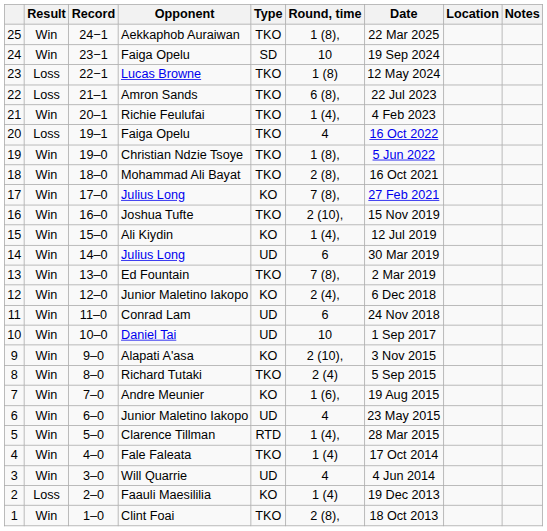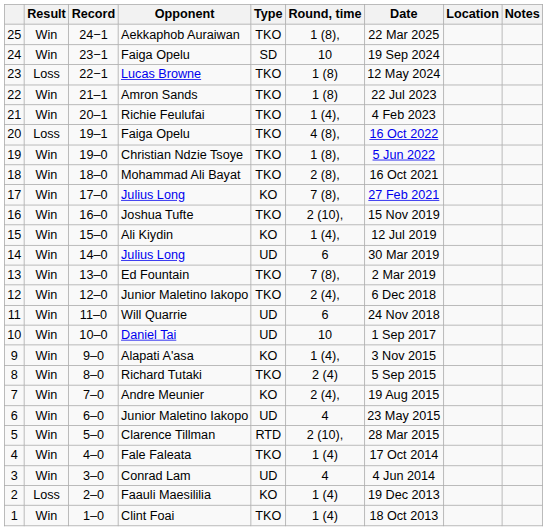 <table class="wikitable" style="text-align:center">
 <tr>
 <th></th>
 <th>Result</th>
 <th>Record</th>
 <th>Opponent</th>
 <th>Type</th>
 <th>Round, time</th>
 <th>Date</th>
 <th>Location</th>
 <th>Notes</th>
 </tr>
 <tr>
 <td>25</td>
 <td>Win</td>
 <td>24−1</td>
 <td style="text-align:left;">Aekkaphob Auraiwan</td>
 <td>TKO</td>
 <td>1 (8), </td>
 <td>22 Mar 2025</td>
 <td style="text-align:left;"></td>
 <td></td>
 </tr>
 <tr>
 <td>24</td>
 <td>Win</td>
 <td>23−1</td>
 <td style="text-align:left;">Faiga Opelu</td>
 <td>SD</td>
 <td>10</td>
 <td>19 Sep 2024</td>
 <td style="text-align:left;"></td>
 <td></td>
 </tr>
 <tr>
 <td>23</td>
 <td>Loss</td>
 <td>22−1</td>
 <td style="text-align:left;"><a href='#'>Lucas Browne</a></td>
 <td>TKO</td>
 <td>1 (8)</td>
 <td>12 May 2024</td>
 <td style="text-align:left;"></td>
 <td></td>
 </tr>
 <tr>
 <td>22</td>
-<td>Loss</td>
+<td>Win</td>
 <td>21–1</td>
 <td style="text-align:left;">Amron Sands</td>
 <td>TKO</td>
-<td>6 (8), </td>
+<td>1 (8)</td>
 <td>22 Jul 2023</td>
 <td style="text-align:left;"></td>
 <td></td>
 </tr>
 <tr>
 <td>21</td>
 <td>Win</td>
 <td>20–1</td>
 <td style="text-align:left;">Richie Feulufai</td>
 <td>TKO</td>
 <td>1 (4), </td>
 <td>4 Feb 2023</td>
 <td style="text-align:left;"></td>
 <td></td>
 </tr>
 <tr>
 <td>20</td>
 <td>Loss</td>
 <td>19–1</td>
 <td style="text-align:left;">Faiga Opelu</td>
 <td>TKO</td>
-<td>4</td>
+<td>4 (8), </td>
 <td><a href='#'>16 Oct 2022</a></td>
 <td style="text-align:left;"></td>
 <td></td>
 </tr>
 <tr>
 <td>19</td>
 <td>Win</td>
 <td>19–0</td>
 <td style="text-align:left;">Christian Ndzie Tsoye</td>
 <td>TKO</td>
 <td>1 (8), </td>
 <td><a href='#'>5 Jun 2022</a></td>
 <td style="text-align:left;"></td>
 <td></td>
 </tr>
 <tr>
 <td>18</td>
 <td>Win</td>
 <td>18–0</td>
 <td style="text-align:left;">Mohammad Ali Bayat</td>
 <td>TKO</td>
 <td>2 (8), </td>
 <td>16 Oct 2021</td>
 <td style="text-align:left;"></td>
 <td style="text-align:left;"></td>
 </tr>
 <tr>
 <td>17</td>
 <td>Win</td>
 <td>17–0</td>
 <td style="text-align:left;"><a href='#'>Julius Long</a></td>
 <td>KO</td>
 <td>7 (8), </td>
 <td><a href='#'>27 Feb 2021</a></td>
 <td style="text-align:left;"></td>
 <td></td>
 </tr>
 <tr>
 <td>16</td>
 <td>Win</td>
 <td>16–0</td>
 <td style="text-align:left;">Joshua Tufte</td>
 <td>TKO</td>
 <td>2 (10), </td>
 <td>15 Nov 2019</td>
 <td style="text-align:left;"></td>
 <td></td>
 </tr>
 <tr>
 <td>15</td>
 <td>Win</td>
 <td>15–0</td>
 <td style="text-align:left;">Ali Kiydin</td>
 <td>KO</td>
 <td>1 (4), </td>
 <td>12 Jul 2019</td>
 <td style="text-align:left;"></td>
 <td></td>
 </tr>
 <tr>
 <td>14</td>
 <td>Win</td>
 <td>14–0</td>
 <td style="text-align:left;"><a href='#'>Julius Long</a></td>
 <td>UD</td>
 <td>6</td>
 <td>30 Mar 2019</td>
 <td style="text-align:left;"></td>
 <td></td>
 </tr>
 <tr>
 <td>13</td>
 <td>Win</td>
 <td>13–0</td>
 <td style="text-align:left;">Ed Fountain</td>
 <td>TKO</td>
 <td>7 (8), </td>
 <td>2 Mar 2019</td>
 <td style="text-align:left;"></td>
 <td></td>
 </tr>
 <tr>
 <td>12</td>
 <td>Win</td>
 <td>12–0</td>
 <td style="text-align:left;">Junior Maletino Iakopo</td>
-<td>KO</td>
+<td>TKO</td>
 <td>2 (4), </td>
 <td>6 Dec 2018</td>
 <td style="text-align:left;"></td>
 <td></td>
 </tr>
 <tr>
 <td>11</td>
 <td>Win</td>
 <td>11–0</td>
-<td style="text-align:left;">Conrad Lam</td>
+<td style="text-align:left;">Will Quarrie</td>
 <td>UD</td>
 <td>6</td>
 <td>24 Nov 2018</td>
 <td style="text-align:left;"></td>
 <td></td>
 </tr>
 <tr>
 <td>10</td>
 <td>Win</td>
 <td>10–0</td>
 <td style="text-align:left;"><a href='#'>Daniel Tai</a></td>
 <td>UD</td>
 <td>10</td>
 <td>1 Sep 2017</td>
 <td style="text-align:left;"></td>
 <td style="text-align:left;"></td>
 </tr>
 <tr>
 <td>9</td>
 <td>Win</td>
 <td>9–0</td>
 <td style="text-align:left;">Alapati A'asa</td>
 <td>KO</td>
-<td>2 (10), </td>
+<td>1 (4), </td>
 <td>3 Nov 2015</td>
 <td style="text-align:left;"></td>
 <td style="text-align:left;"></td>
 </tr>
 <tr>
 <td>8</td>
 <td>Win</td>
 <td>8–0</td>
 <td style="text-align:left;">Richard Tutaki</td>
 <td>TKO</td>
 <td>2 (4)</td>
 <td>5 Sep 2015</td>
 <td style="text-align:left;"></td>
 <td></td>
 </tr>
 <tr>
 <td>7</td>
 <td>Win</td>
 <td>7–0</td>
 <td style="text-align:left;">Andre Meunier</td>
 <td>KO</td>
-<td>1 (6), </td>
+<td>2 (4), </td>
 <td>19 Aug 2015</td>
 <td style="text-align:left;"></td>
 <td></td>
 </tr>
 <tr>
 <td>6</td>
 <td>Win</td>
 <td>6–0</td>
 <td style="text-align:left;">Junior Maletino Iakopo</td>
 <td>UD</td>
 <td>4</td>
 <td>23 May 2015</td>
 <td style="text-align:left;"></td>
 <td></td>
 </tr>
 <tr>
 <td>5</td>
 <td>Win</td>
 <td>5–0</td>
 <td style="text-align:left;">Clarence Tillman</td>
 <td>RTD</td>
-<td>1 (4), </td>
+<td>2 (10), </td>
 <td>28 Mar 2015</td>
 <td style="text-align:left;"></td>
 <td></td>
 </tr>
 <tr>
 <td>4</td>
 <td>Win</td>
 <td>4–0</td>
 <td style="text-align:left;">Fale Faleata</td>
 <td>TKO</td>
 <td>1 (4)</td>
 <td>17 Oct 2014</td>
 <td style="text-align:left;"></td>
 <td></td>
 </tr>
 <tr>
 <td>3</td>
 <td>Win</td>
 <td>3–0</td>
-<td style="text-align:left;">Will Quarrie</td>
+<td style="text-align:left;">Conrad Lam</td>
 <td>UD</td>
 <td>4</td>
 <td>4 Jun 2014</td>
 <td style="text-align:left;"></td>
 <td></td>
 </tr>
 <tr>
 <td>2</td>
 <td>Loss</td>
 <td>2–0</td>
 <td style="text-align:left;">Faauli Maesililia</td>
 <td>KO</td>
 <td>1 (4)</td>
 <td>19 Dec 2013</td>
 <td style="text-align:left;"></td>
 <td></td>
 </tr>
 <tr>
 <td>1</td>
 <td>Win</td>
 <td>1–0</td>
 <td style="text-align:left;">Clint Foai</td>
 <td>TKO</td>
-<td>2 (8), </td>
+<td>1 (4)</td>
 <td>18 Oct 2013</td>
 <td style="text-align:left;"></td>
 <td></td>
 </tr>
 </table>
